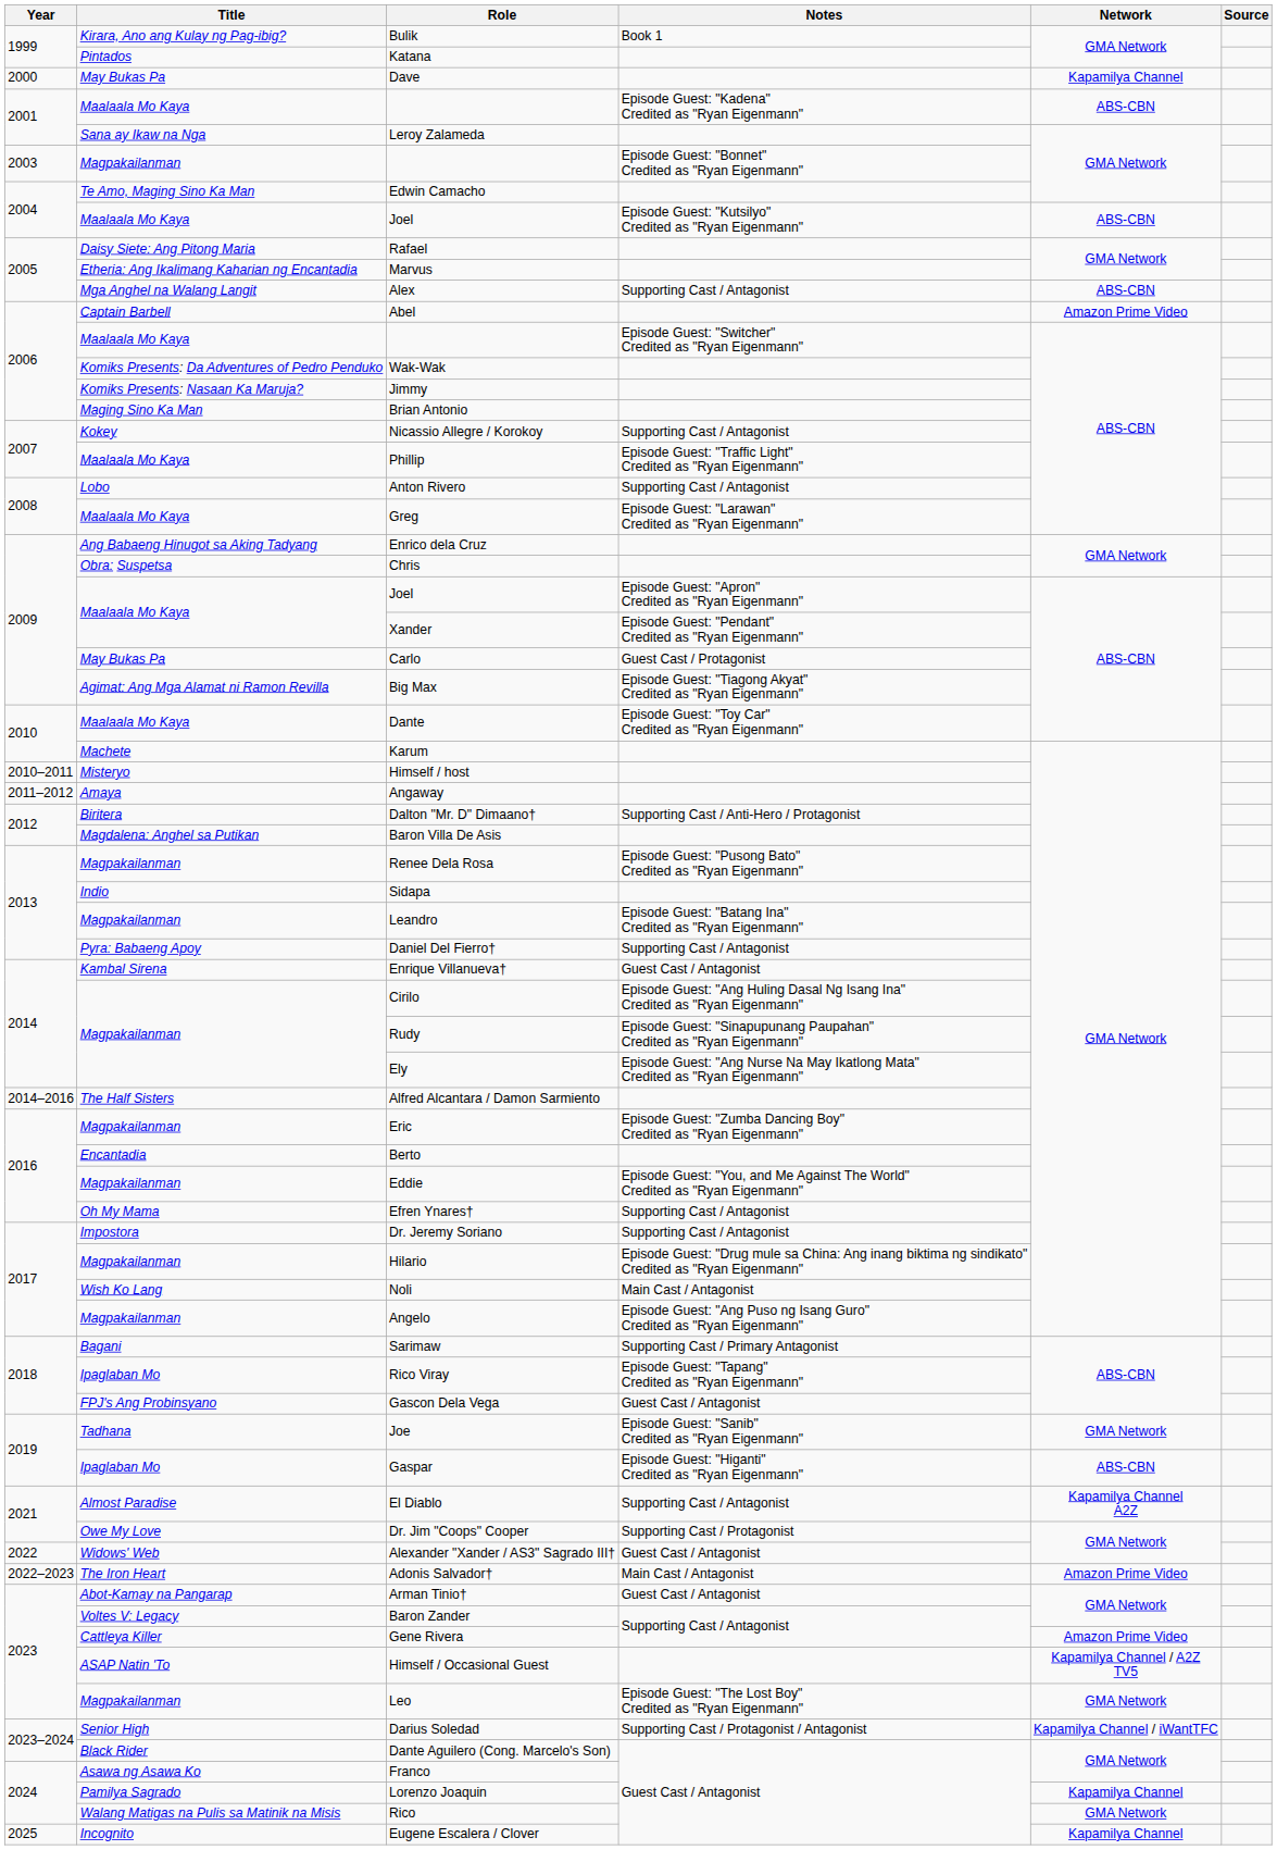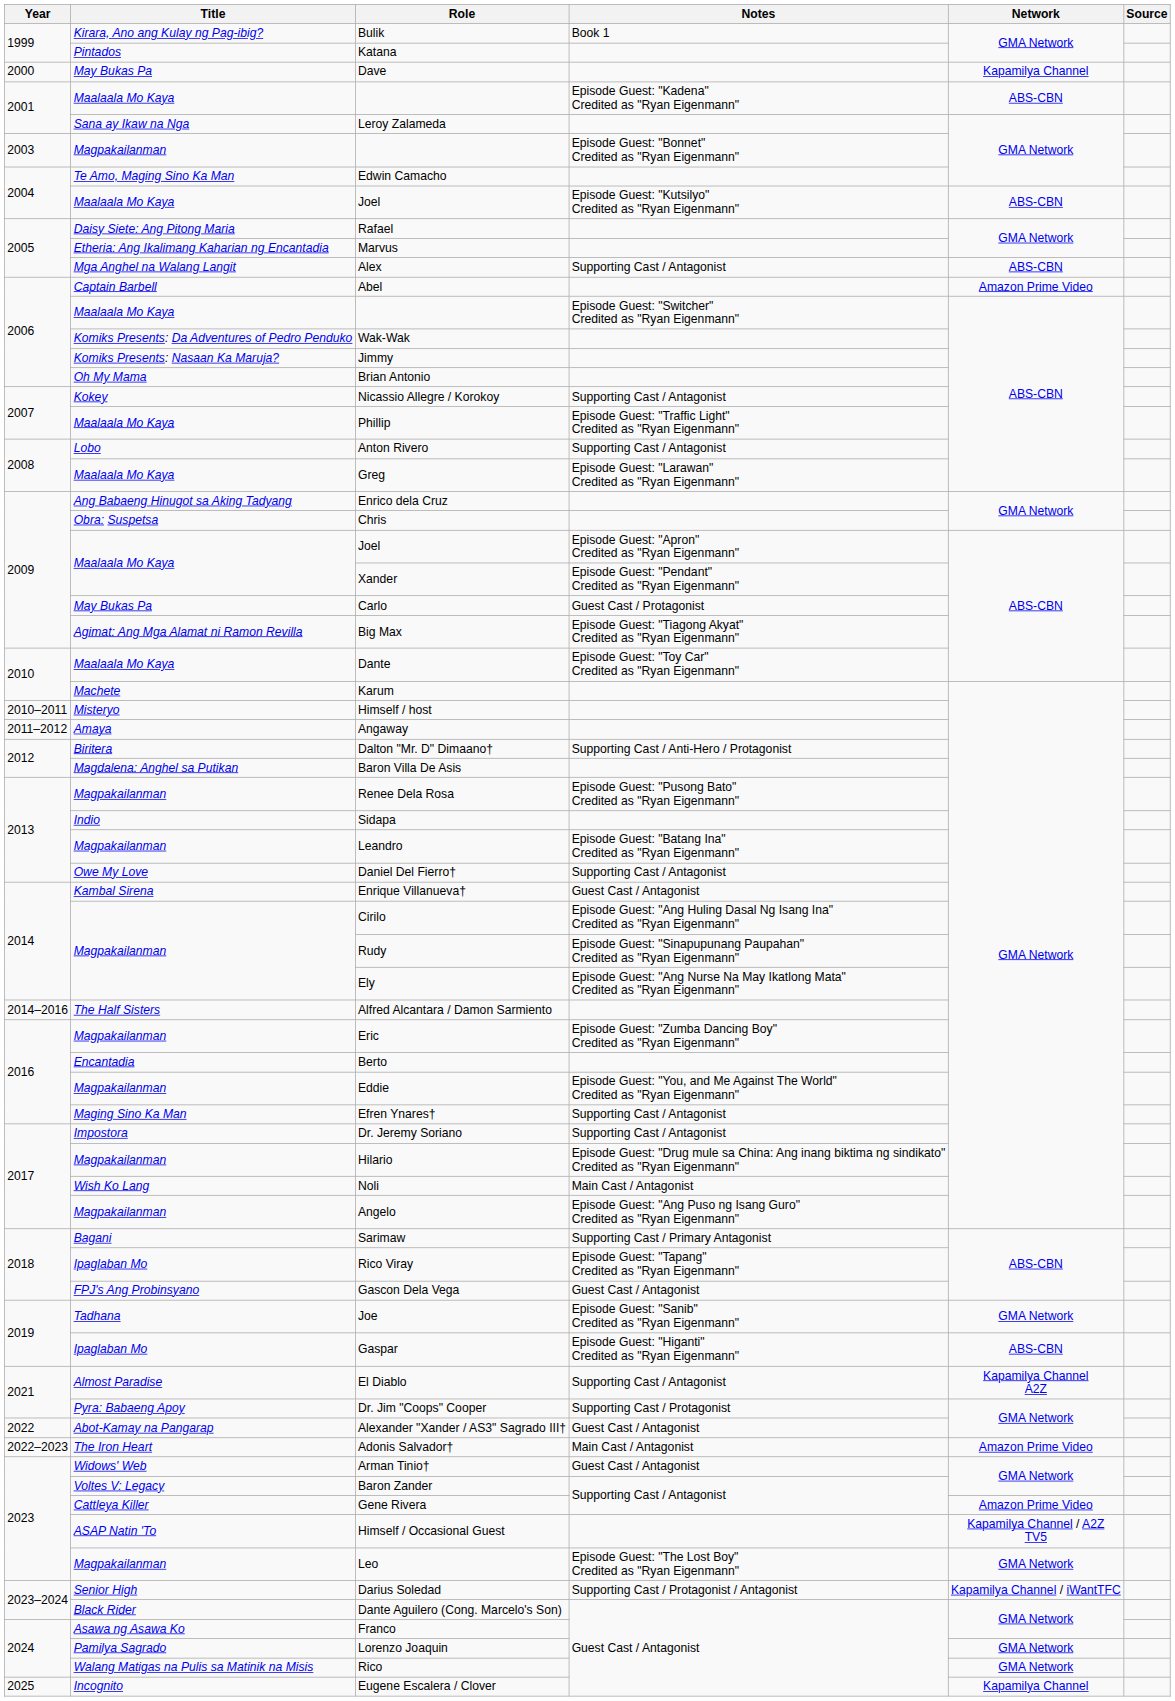 <table class="wikitable sortable">
 <tr>
 <th>Year</th>
 <th>Title</th>
 <th>Role</th>
 <th class="unsortable">Notes</th>
 <th>Network</th>
 <th class="unsortable">Source</th>
 </tr>
 <tr>
 <td rowspan="2">1999</td>
 <td><em><a href='#'>Kirara, Ano ang Kulay ng Pag-ibig?</a></em></td>
 <td>Bulik</td>
 <td>Book 1</td>
 <td rowspan=2 style="text-align: center;"><a href='#'>GMA Network</a></td>
 <td></td>
 </tr>
 <tr>
 <td><em><a href='#'>Pintados</a></em></td>
 <td>Katana</td>
 <td></td>
 <td></td>
 </tr>
 <tr>
 <td>2000</td>
 <td><em><a href='#'>May Bukas Pa</a></em></td>
 <td>Dave</td>
 <td></td>
 <td style="text-align: center;"><a href='#'>Kapamilya Channel</a></td>
 <td></td>
 </tr>
 <tr>
 <td Rowspan="2">2001</td>
 <td><em><a href='#'>Maalaala Mo Kaya</a></em></td>
 <td></td>
 <td>Episode Guest: "Kadena" <br> Credited as "Ryan Eigenmann"</td>
 <td style="text-align: center;"><a href='#'>ABS-CBN</a></td>
 <td></td>
 </tr>
 <tr>
 <td><em><a href='#'>Sana ay Ikaw na Nga</a></em></td>
 <td>Leroy Zalameda</td>
 <td></td>
 <td rowspan=3 style="text-align: center;"><a href='#'>GMA Network</a></td>
 <td></td>
 </tr>
 <tr>
 <td>2003</td>
 <td><em><a href='#'>Magpakailanman</a></em></td>
 <td></td>
 <td>Episode Guest: "Bonnet" <br> Credited as "Ryan Eigenmann"</td>
 <td></td>
 </tr>
 <tr>
 <td Rowspan="2">2004</td>
 <td><em><a href='#'>Te Amo, Maging Sino Ka Man</a> </em></td>
 <td>Edwin Camacho</td>
 <td></td>
 <td></td>
 </tr>
 <tr>
 <td><em><a href='#'>Maalaala Mo Kaya</a></em></td>
 <td>Joel</td>
 <td>Episode Guest: "Kutsilyo" <br> Credited as "Ryan Eigenmann"</td>
 <td style="text-align: center;"><a href='#'>ABS-CBN</a></td>
 <td></td>
 </tr>
 <tr>
 <td rowspan=3>2005</td>
 <td><em><a href='#'>Daisy Siete: Ang Pitong Maria</a></em></td>
 <td>Rafael</td>
 <td></td>
 <td Rowspan="2" style="text-align: center;"><a href='#'>GMA Network</a></td>
 <td></td>
 </tr>
 <tr>
 <td><em><a href='#'>Etheria: Ang Ikalimang Kaharian ng Encantadia</a></em></td>
 <td>Marvus</td>
 <td></td>
 <td></td>
 </tr>
 <tr>
 <td><em><a href='#'>Mga Anghel na Walang Langit</a></em></td>
 <td>Alex</td>
 <td>Supporting Cast / Antagonist</td>
 <td style="text-align: center;"><a href='#'>ABS-CBN</a></td>
 <td></td>
 </tr>
 <tr>
 <td rowspan="5">2006</td>
 <td><em><a href='#'>Captain Barbell</a></em></td>
 <td>Abel</td>
 <td></td>
 <td style="text-align: center;"><a href='#'>Amazon Prime Video</a></td>
 <td></td>
 </tr>
 <tr>
 <td><em><a href='#'>Maalaala Mo Kaya</a></em></td>
 <td></td>
 <td>Episode Guest: "Switcher" <br> Credited as "Ryan Eigenmann"</td>
 <td rowspan="8" style="text-align: center;"><a href='#'>ABS-CBN</a></td>
 <td></td>
 </tr>
 <tr>
 <td><em><a href='#'>Komiks Presents</a>: <a href='#'>Da Adventures of Pedro Penduko</a></em></td>
 <td>Wak-Wak</td>
 <td></td>
 <td></td>
 </tr>
 <tr>
 <td><em><a href='#'>Komiks Presents</a>: <a href='#'>Nasaan Ka Maruja?</a></em></td>
 <td>Jimmy</td>
 <td></td>
 <td></td>
 </tr>
 <tr>
-<td><em><a href='#'>Maging Sino Ka Man</a></em></td>
+<td><em><a href='#'>Oh My Mama</a></em></td>
 <td>Brian Antonio</td>
 </tr>
 <tr>
 <td Rowspan="2">2007</td>
 <td><em><a href='#'>Kokey</a></em></td>
 <td>Nicassio Allegre / Korokoy</td>
 <td>Supporting Cast / Antagonist</td>
 <td></td>
 </tr>
 <tr>
 <td><em><a href='#'>Maalaala Mo Kaya</a></em></td>
 <td>Phillip</td>
 <td>Episode Guest: "Traffic Light" <br> Credited as "Ryan Eigenmann"</td>
 <td></td>
 </tr>
 <tr>
 <td Rowspan="2">2008</td>
 <td><em> <a href='#'>Lobo</a></em></td>
 <td>Anton Rivero</td>
 <td>Supporting Cast / Antagonist</td>
 <td></td>
 </tr>
 <tr>
 <td><em><a href='#'>Maalaala Mo Kaya</a></em></td>
 <td>Greg</td>
 <td>Episode Guest: "Larawan" <br> Credited as "Ryan Eigenmann"</td>
 <td></td>
 </tr>
 <tr>
 <td rowspan=6>2009</td>
 <td><em><a href='#'>Ang Babaeng Hinugot sa Aking Tadyang</a></em></td>
 <td>Enrico dela Cruz</td>
 <td></td>
 <td rowspan=2 style="text-align: center;"><a href='#'>GMA Network</a></td>
 <td></td>
 </tr>
 <tr>
 <td><em> <a href='#'>Obra:</a> <a href='#'>Suspetsa</a></em></td>
 <td>Chris</td>
 <td></td>
 <td></td>
 </tr>
 <tr>
 <td rowspan="2"><em><a href='#'>Maalaala Mo Kaya</a></em></td>
 <td>Joel</td>
 <td>Episode Guest: "Apron" <br> Credited as "Ryan Eigenmann"</td>
 <td rowspan=5 style="text-align: center;"><a href='#'>ABS-CBN</a></td>
 <td></td>
 </tr>
 <tr>
 <td>Xander</td>
 <td>Episode Guest: "Pendant" <br> Credited as "Ryan Eigenmann"</td>
 <td></td>
 </tr>
 <tr>
 <td><em><a href='#'>May Bukas Pa</a></em></td>
 <td>Carlo</td>
 <td>Guest Cast / Protagonist</td>
 <td></td>
 </tr>
 <tr>
 <td><em><a href='#'>Agimat: Ang Mga Alamat ni Ramon Revilla</a></em></td>
 <td>Big Max</td>
 <td>Episode Guest: "Tiagong Akyat" <br> Credited as "Ryan Eigenmann"</td>
 <td></td>
 </tr>
 <tr>
 <td rowspan=2>2010</td>
 <td><em><a href='#'>Maalaala Mo Kaya</a></em></td>
 <td>Dante</td>
 <td>Episode Guest: "Toy Car" <br> Credited as "Ryan Eigenmann"</td>
 <td></td>
 </tr>
 <tr>
 <td><em><a href='#'>Machete</a></em></td>
 <td>Karum</td>
 <td></td>
 <td rowspan="22" style="text-align: center;"><a href='#'>GMA Network</a></td>
 <td></td>
 </tr>
 <tr>
 <td>2010–2011</td>
 <td><em><a href='#'>Misteryo</a></em></td>
 <td>Himself / host</td>
 <td></td>
 <td></td>
 </tr>
 <tr>
 <td>2011–2012</td>
 <td><em><a href='#'>Amaya</a></em></td>
 <td>Angaway</td>
 <td></td>
 <td></td>
 </tr>
 <tr>
 <td rowspan=2>2012</td>
 <td><em><a href='#'>Biritera</a></em></td>
 <td>Dalton "Mr. D" Dimaano†</td>
 <td>Supporting Cast / Anti-Hero / Protagonist</td>
 <td></td>
 </tr>
 <tr>
 <td><em><a href='#'>Magdalena: Anghel sa Putikan</a></em></td>
 <td>Baron Villa De Asis</td>
 <td></td>
 <td></td>
 </tr>
 <tr>
 <td rowspan=4>2013</td>
 <td><em><a href='#'>Magpakailanman</a></em></td>
 <td>Renee Dela Rosa</td>
 <td>Episode Guest: "Pusong Bato" <br> Credited as "Ryan Eigenmann"</td>
 <td></td>
 </tr>
 <tr>
 <td><em><a href='#'>Indio</a></em></td>
 <td>Sidapa</td>
 <td></td>
 <td></td>
 </tr>
 <tr>
 <td><em><a href='#'>Magpakailanman</a></em></td>
 <td>Leandro</td>
 <td>Episode Guest: "Batang Ina" <br> Credited as "Ryan Eigenmann"</td>
 <td></td>
 </tr>
 <tr>
-<td><em><a href='#'>Pyra: Babaeng Apoy</a></em></td>
+<td><em><a href='#'>Owe My Love</a></em></td>
 <td>Daniel Del Fierro†</td>
 <td>Supporting Cast / Antagonist</td>
 <td></td>
 </tr>
 <tr>
 <td Rowspan="4">2014</td>
 <td><em><a href='#'>Kambal Sirena</a></em></td>
 <td>Enrique Villanueva†</td>
 <td>Guest Cast / Antagonist</td>
 <td></td>
 </tr>
 <tr>
 <td rowspan="3"><em><a href='#'>Magpakailanman</a></em></td>
 <td>Cirilo</td>
 <td>Episode Guest: "Ang Huling Dasal Ng Isang Ina" <br> Credited as "Ryan Eigenmann"</td>
 <td></td>
 </tr>
 <tr>
 <td>Rudy</td>
 <td>Episode Guest: "Sinapupunang Paupahan" <br> Credited as "Ryan Eigenmann"</td>
 <td></td>
 </tr>
 <tr>
 <td>Ely</td>
 <td>Episode Guest: "Ang Nurse Na May Ikatlong Mata" <br> Credited as "Ryan Eigenmann"</td>
 <td></td>
 </tr>
 <tr>
 <td>2014–2016</td>
 <td><em><a href='#'>The Half Sisters</a></em></td>
 <td>Alfred Alcantara / Damon Sarmiento</td>
 <td></td>
 <td></td>
 </tr>
 <tr>
 <td rowspan="4'">2016</td>
 <td><em><a href='#'>Magpakailanman</a></em></td>
 <td>Eric</td>
 <td>Episode Guest: "Zumba Dancing Boy" <br> Credited as "Ryan Eigenmann"</td>
 <td></td>
 </tr>
 <tr>
 <td><em> <a href='#'>Encantadia</a></em></td>
 <td>Berto</td>
 <td></td>
 <td></td>
 </tr>
 <tr>
 <td><em><a href='#'>Magpakailanman</a></em></td>
 <td>Eddie</td>
 <td>Episode Guest: "You, and Me Against The World" <br> Credited as "Ryan Eigenmann"</td>
 <td></td>
 </tr>
 <tr>
-<td><em><a href='#'>Oh My Mama</a></em></td>
+<td><em><a href='#'>Maging Sino Ka Man</a></em></td>
 <td>Efren Ynares†</td>
 <td>Supporting Cast / Antagonist</td>
 <td></td>
 </tr>
 <tr>
 <td rowspan="4">2017</td>
 <td><em> <a href='#'>Impostora</a></em></td>
 <td>Dr. Jeremy Soriano</td>
 <td>Supporting Cast / Antagonist</td>
 <td></td>
 </tr>
 <tr>
 <td><em><a href='#'>Magpakailanman</a></em></td>
 <td>Hilario</td>
 <td>Episode Guest: "Drug mule sa China: Ang inang biktima ng sindikato" <br> Credited as "Ryan Eigenmann"</td>
 <td></td>
 </tr>
 <tr>
 <td><em><a href='#'>Wish Ko Lang</a></em></td>
 <td>Noli</td>
 <td>Main Cast / Antagonist</td>
 <td></td>
 </tr>
 <tr>
 <td><em><a href='#'>Magpakailanman</a></em></td>
 <td>Angelo</td>
 <td>Episode Guest: "Ang Puso ng Isang Guro" <br> Credited as "Ryan Eigenmann"</td>
 <td></td>
 </tr>
 <tr>
 <td rowspan="3">2018</td>
 <td><em><a href='#'>Bagani</a></em></td>
 <td>Sarimaw</td>
 <td>Supporting Cast / Primary Antagonist</td>
 <td rowspan="3" style="text-align: center;"><a href='#'>ABS-CBN</a></td>
 <td></td>
 </tr>
 <tr>
 <td><em><a href='#'>Ipaglaban Mo</a></em></td>
 <td>Rico Viray</td>
 <td>Episode Guest: "Tapang" <br> Credited as "Ryan Eigenmann"</td>
 <td></td>
 </tr>
 <tr>
 <td><em><a href='#'>FPJ's Ang Probinsyano</a></em></td>
 <td>Gascon Dela Vega</td>
 <td>Guest Cast / Antagonist</td>
 <td></td>
 </tr>
 <tr>
 <td rowspan="2">2019</td>
 <td><em><a href='#'>Tadhana</a></em></td>
 <td>Joe</td>
 <td>Episode Guest: "Sanib" <br> Credited as "Ryan Eigenmann"</td>
 <td style="text-align: center;"><a href='#'>GMA Network</a></td>
 <td></td>
 </tr>
 <tr>
 <td><em><a href='#'>Ipaglaban Mo</a></em></td>
 <td>Gaspar</td>
 <td>Episode Guest: "Higanti" <br> Credited as "Ryan Eigenmann"</td>
 <td style="text-align: center;"><a href='#'>ABS-CBN</a></td>
 <td></td>
 </tr>
 <tr>
 <td rowspan="2">2021</td>
 <td><em><a href='#'>Almost Paradise</a></em></td>
 <td>El Diablo</td>
 <td>Supporting Cast / Antagonist</td>
 <td style="text-align: center;"><a href='#'>Kapamilya Channel</a> <br> <a href='#'> A2Z</a></td>
 <td></td>
 </tr>
 <tr>
-<td><em><a href='#'>Owe My Love</a></em></td>
+<td><em><a href='#'>Pyra: Babaeng Apoy</a></em></td>
 <td>Dr. Jim "Coops" Cooper</td>
 <td>Supporting Cast / Protagonist</td>
 <td rowspan="2" style="text-align: center;"><a href='#'>GMA Network</a></td>
 <td></td>
 </tr>
 <tr>
 <td>2022</td>
-<td><em><a href='#'>Widows' Web</a></em></td>
+<td><em><a href='#'>Abot-Kamay na Pangarap</a></em></td>
 <td>Alexander "Xander / AS3" Sagrado III†</td>
 <td>Guest Cast / Antagonist</td>
 <td></td>
 </tr>
 <tr>
 <td>2022–2023</td>
 <td><em><a href='#'>The Iron Heart</a></em></td>
 <td>Adonis Salvador†</td>
 <td>Main Cast / Antagonist</td>
 <td style="text-align: center;"><a href='#'>Amazon Prime Video</a></td>
 <td></td>
 </tr>
 <tr>
 <td rowspan="5">2023</td>
-<td><em><a href='#'>Abot-Kamay na Pangarap</a></em></td>
+<td><em><a href='#'>Widows' Web</a></em></td>
 <td>Arman Tinio†</td>
 <td>Guest Cast / Antagonist</td>
 <td rowspan="2" style="text-align: center;"><a href='#'>GMA Network</a></td>
 <td></td>
 </tr>
 <tr>
 <td><em><a href='#'>Voltes V: Legacy</a></em></td>
 <td>Baron Zander</td>
 <td rowspan="2">Supporting Cast / Antagonist</td>
 <td></td>
 </tr>
 <tr>
 <td><em><a href='#'>Cattleya Killer</a></em></td>
 <td>Gene Rivera</td>
 <td style="text-align: center;"><a href='#'>Amazon Prime Video</a></td>
 <td></td>
 </tr>
 <tr>
 <td><em><a href='#'>ASAP Natin 'To</a></em></td>
 <td>Himself / Occasional Guest</td>
 <td></td>
 <td style="text-align: center;"><a href='#'>Kapamilya Channel</a> / <a href='#'>A2Z</a> <br> <a href='#'>TV5</a></td>
 <td></td>
 </tr>
 <tr>
 <td><em><a href='#'>Magpakailanman</a></em></td>
 <td>Leo</td>
 <td>Episode Guest: "The Lost Boy" <br> Credited as "Ryan Eigenmann"</td>
 <td style="text-align: center;"><a href='#'>GMA Network</a></td>
 <td></td>
 </tr>
 <tr>
 <td rowspan="2">2023–2024</td>
 <td><em><a href='#'>Senior High</a></em></td>
 <td>Darius Soledad</td>
 <td>Supporting Cast / Protagonist / Antagonist</td>
 <td style="text-align: center;"><a href='#'>Kapamilya Channel</a> / <a href='#'>iWantTFC</a></td>
 <td></td>
 </tr>
 <tr>
 <td><em><a href='#'>Black Rider</a></em></td>
 <td>Dante Aguilero (Cong. Marcelo's Son)</td>
 <td rowspan="5">Guest Cast / Antagonist</td>
 <td rowspan="2" style="text-align: center;"><a href='#'>GMA Network</a></td>
 <td></td>
 </tr>
 <tr>
 <td rowspan="3">2024</td>
 <td><em><a href='#'>Asawa ng Asawa Ko</a></em></td>
 <td>Franco</td>
 <td></td>
 </tr>
 <tr>
 <td><em><a href='#'>Pamilya Sagrado</a></em></td>
 <td>Lorenzo Joaquin</td>
-<td style="text-align: center;"><a href='#'>Kapamilya Channel</a></td>
+<td style="text-align: center;"><a href='#'>GMA Network</a></td>
 <td></td>
 </tr>
 <tr>
 <td><em><a href='#'>Walang Matigas na Pulis sa Matinik na Misis</a></em></td>
 <td>Rico</td>
 <td style="text-align: center;"><a href='#'>GMA Network</a></td>
 <td></td>
 </tr>
 <tr>
 <td>2025</td>
 <td><em><a href='#'>Incognito</a></em></td>
 <td>Eugene Escalera / Clover</td>
 <td style="text-align: center;"><a href='#'>Kapamilya Channel</a></td>
 <td></td>
 </tr>
 </table>
